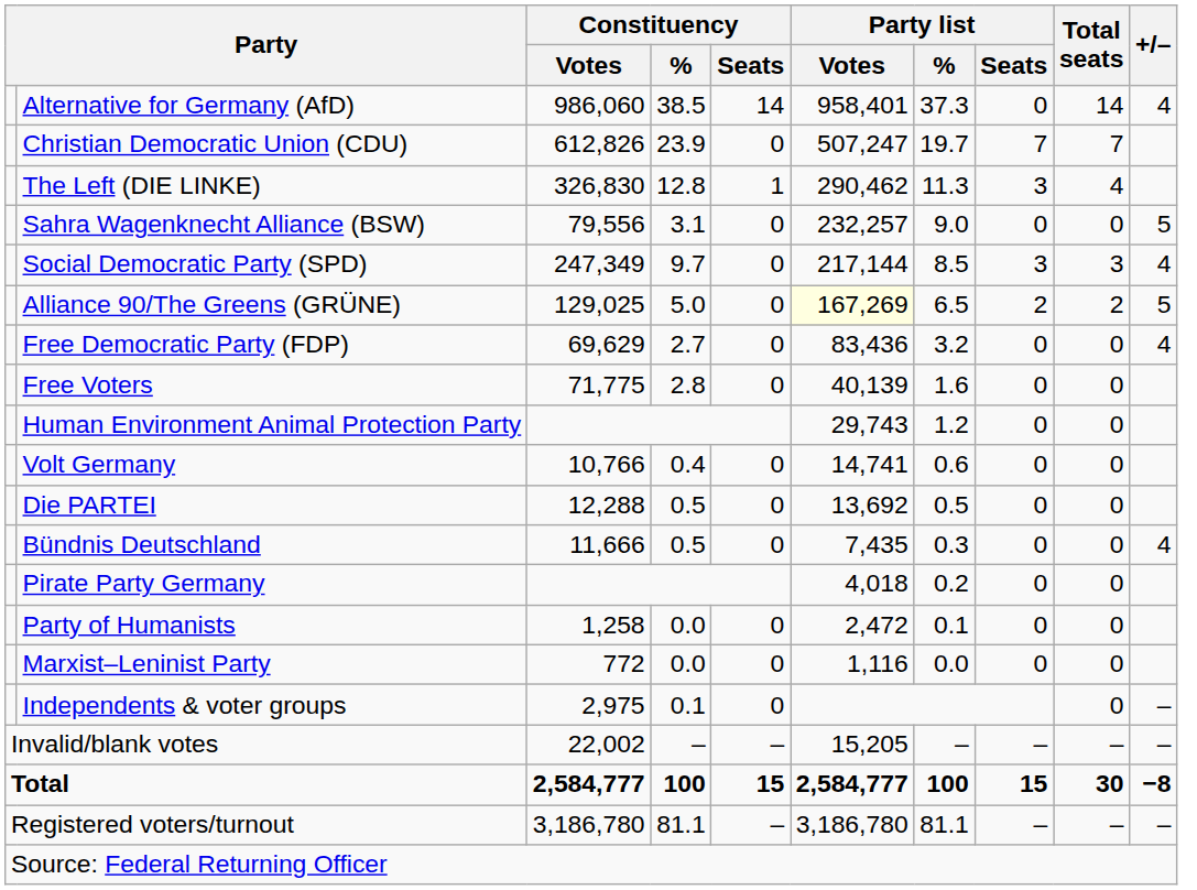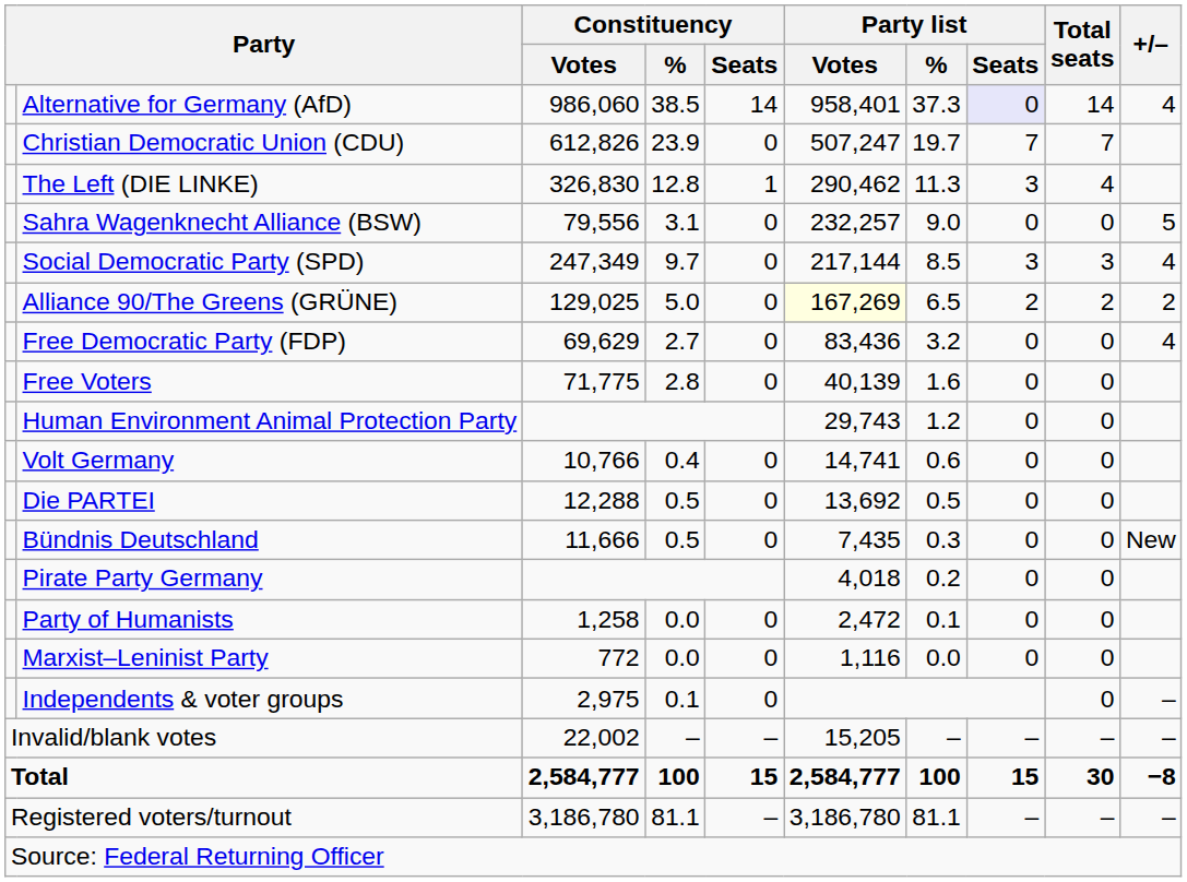 <table class="wikitable" style="text-align:right">
 <tr>
 <th colspan="2" rowspan="2">Party</th>
 <th colspan="3">Constituency</th>
 <th colspan="3">Party list</th>
 <th rowspan="2">Total<br>seats</th>
 <th rowspan="2">+/–</th>
 </tr>
 <tr>
 <th>Votes</th>
 <th>%</th>
 <th>Seats</th>
 <th>Votes</th>
 <th>%</th>
 <th>Seats</th>
 </tr>
 <tr>
 <td></td>
 <td align="left"><a href='#'>Alternative for Germany</a> (AfD)</td>
 <td>986,060</td>
 <td>38.5</td>
 <td>14</td>
 <td>958,401</td>
 <td>37.3</td>
-<td>0</td>
+<td style="background: lavender;">0</td>
 <td>14</td>
 <td> 4</td>
 </tr>
 <tr>
 <td></td>
 <td align="left"><a href='#'>Christian Democratic Union</a> (CDU)</td>
 <td>612,826</td>
 <td>23.9</td>
 <td>0</td>
 <td>507,247</td>
 <td>19.7</td>
 <td>7</td>
 <td>7</td>
 <td></td>
 </tr>
 <tr>
 <td></td>
 <td align="left"><a href='#'>The Left</a> (DIE LINKE)</td>
 <td>326,830</td>
 <td>12.8</td>
 <td>1</td>
 <td>290,462</td>
 <td>11.3</td>
 <td>3</td>
 <td>4</td>
 <td></td>
 </tr>
 <tr>
 <td style="background-color:"></td>
 <td align="left"><a href='#'>Sahra Wagenknecht Alliance</a> (BSW)</td>
 <td>79,556</td>
 <td>3.1</td>
 <td>0</td>
 <td>232,257</td>
 <td>9.0</td>
 <td>0</td>
 <td>0</td>
 <td> 5</td>
 </tr>
 <tr>
 <td></td>
 <td align="left"><a href='#'>Social Democratic Party</a> (SPD)</td>
 <td>247,349</td>
 <td>9.7</td>
 <td>0</td>
 <td>217,144</td>
 <td>8.5</td>
 <td>3</td>
 <td>3</td>
 <td> 4</td>
 </tr>
 <tr>
 <td></td>
 <td align="left"><a href='#'>Alliance 90/The Greens</a> (GRÜNE)</td>
 <td>129,025</td>
 <td>5.0</td>
 <td>0</td>
 <td style="background: lightyellow;">167,269</td>
 <td>6.5</td>
 <td>2</td>
 <td>2</td>
-<td> 5</td>
+<td> 2</td>
 </tr>
 <tr>
 <td></td>
 <td align="left"><a href='#'>Free Democratic Party</a> (FDP)</td>
 <td>69,629</td>
 <td>2.7</td>
 <td>0</td>
 <td>83,436</td>
 <td>3.2</td>
 <td>0</td>
 <td>0</td>
 <td> 4</td>
 </tr>
 <tr>
 <td style="background-color:"></td>
 <td align="left"><a href='#'>Free Voters</a></td>
 <td>71,775</td>
 <td>2.8</td>
 <td>0</td>
 <td>40,139</td>
 <td>1.6</td>
 <td>0</td>
 <td>0</td>
 <td></td>
 </tr>
 <tr>
 <td style="background-color:"></td>
 <td align="left"><a href='#'>Human Environment Animal Protection Party</a></td>
 <td colspan="3"></td>
 <td>29,743</td>
 <td>1.2</td>
 <td>0</td>
 <td>0</td>
 <td></td>
 </tr>
 <tr>
 <td style="background-color:"></td>
 <td align="left"><a href='#'>Volt Germany</a></td>
 <td>10,766</td>
 <td>0.4</td>
 <td>0</td>
 <td>14,741</td>
 <td>0.6</td>
 <td>0</td>
 <td>0</td>
 <td></td>
 </tr>
 <tr>
 <td style="background-color:"></td>
 <td align="left"><a href='#'>Die PARTEI</a></td>
 <td>12,288</td>
 <td>0.5</td>
 <td>0</td>
 <td>13,692</td>
 <td>0.5</td>
 <td>0</td>
 <td>0</td>
 <td></td>
 </tr>
 <tr>
 <td style="background-color:"></td>
 <td align="left"><a href='#'>Bündnis Deutschland</a></td>
 <td>11,666</td>
 <td>0.5</td>
 <td>0</td>
 <td>7,435</td>
 <td>0.3</td>
 <td>0</td>
 <td>0</td>
-<td> 4</td>
+<td>New</td>
 </tr>
 <tr>
 <td style="background-color:"></td>
 <td align="left"><a href='#'>Pirate Party Germany</a></td>
 <td colspan="3"></td>
 <td>4,018</td>
 <td>0.2</td>
 <td>0</td>
 <td>0</td>
 <td></td>
 </tr>
 <tr>
 <td style="background-color:"></td>
 <td align="left"><a href='#'>Party of Humanists</a></td>
 <td>1,258</td>
 <td>0.0</td>
 <td>0</td>
 <td>2,472</td>
 <td>0.1</td>
 <td>0</td>
 <td>0</td>
 <td></td>
 </tr>
 <tr>
 <td style="background-color:"></td>
 <td align="left"><a href='#'>Marxist–Leninist Party</a></td>
 <td>772</td>
 <td>0.0</td>
 <td>0</td>
 <td>1,116</td>
 <td>0.0</td>
 <td>0</td>
 <td>0</td>
 <td></td>
 </tr>
 <tr>
 <td style="background-color:"></td>
 <td align="left"><a href='#'>Independents</a> & voter groups</td>
 <td>2,975</td>
 <td>0.1</td>
 <td>0</td>
 <td colspan="3"></td>
 <td>0</td>
 <td>–</td>
 </tr>
 <tr>
 <td colspan="2" align="left">Invalid/blank votes</td>
 <td>22,002</td>
 <td>–</td>
 <td>–</td>
 <td>15,205</td>
 <td>–</td>
 <td>–</td>
 <td>–</td>
 <td>–</td>
 </tr>
 <tr>
 <td colspan="2" align="left"><strong>Total</strong></td>
 <td><strong>2,584,777</strong></td>
 <td><strong>100</strong></td>
 <td><strong>15</strong></td>
 <td><strong>2,584,777</strong></td>
 <td><strong>100</strong></td>
 <td><strong>15</strong></td>
 <td><strong>30</strong></td>
 <td><strong>−8</strong></td>
 </tr>
 <tr>
 <td colspan="2" align="left">Registered voters/turnout</td>
 <td>3,186,780</td>
 <td>81.1</td>
 <td>–</td>
 <td>3,186,780</td>
 <td>81.1</td>
 <td>–</td>
 <td>–</td>
 <td>–</td>
 </tr>
 <tr>
 <td colspan="10" align="left">Source: <a href='#'>Federal Returning Officer</a></td>
 </tr>
 </table>
